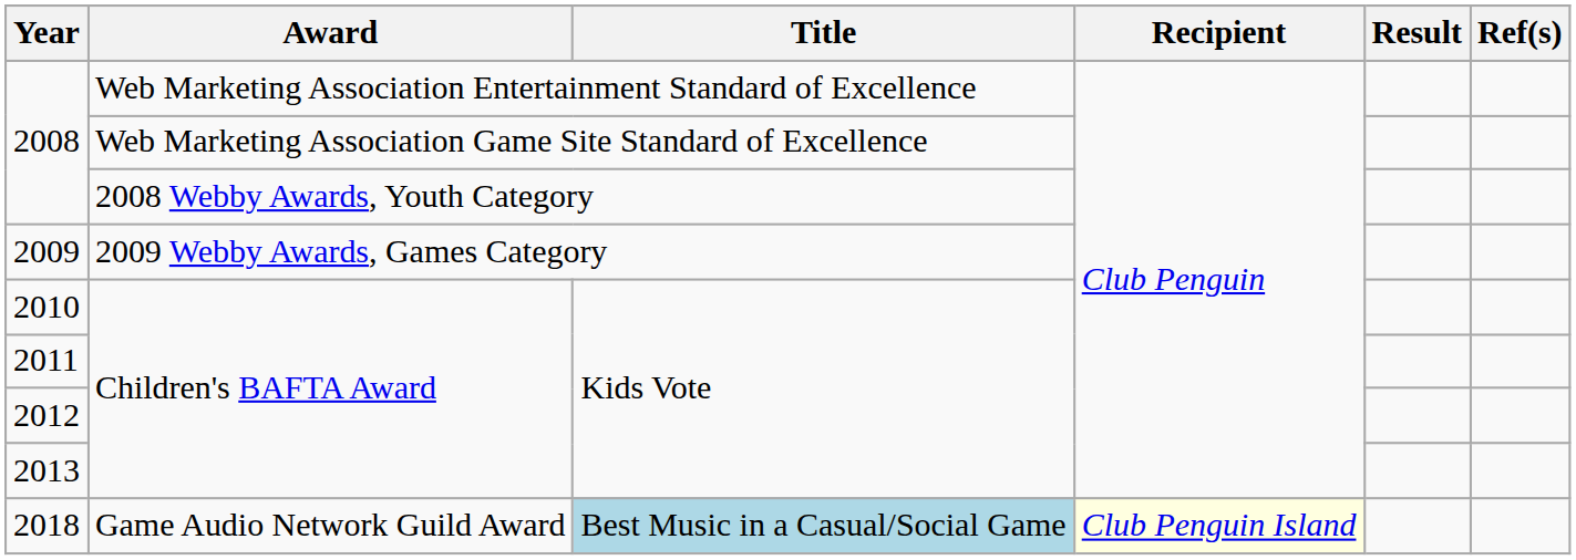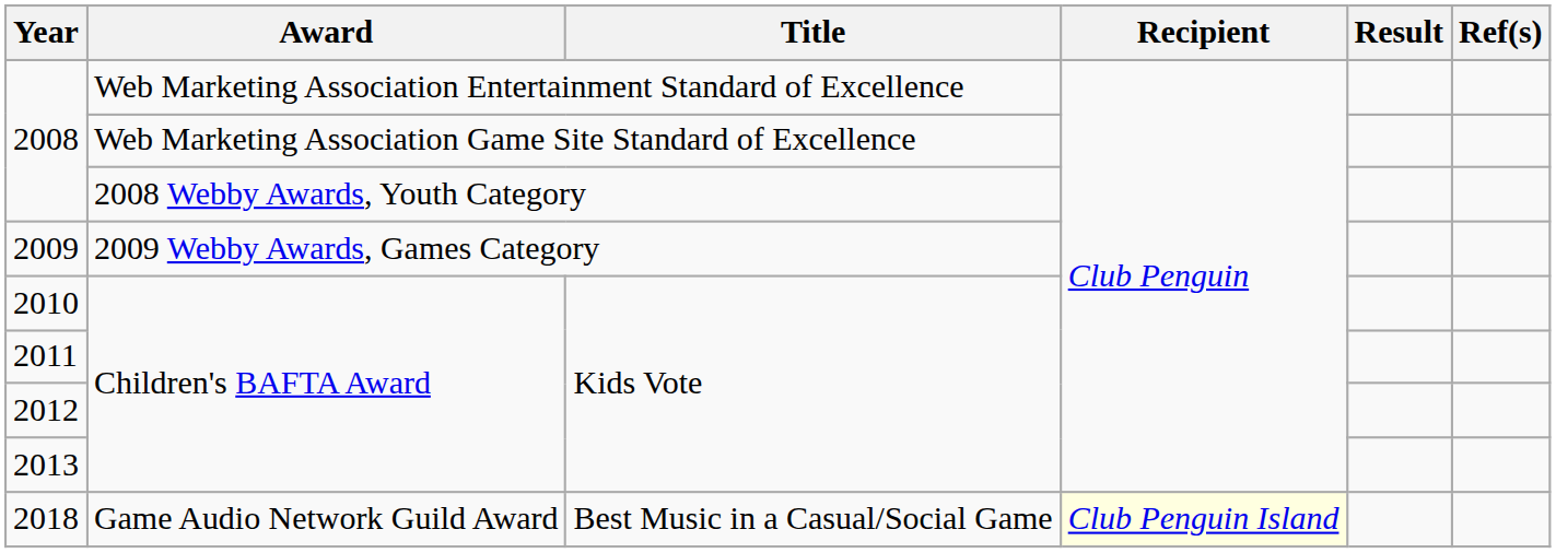 <table class="wikitable" style="font-size:90%;">
 <tr>
 <th>Year</th>
 <th>Award</th>
 <th>Title</th>
 <th>Recipient</th>
 <th>Result</th>
 <th>Ref(s)</th>
 </tr>
 <tr>
 <td rowspan="3">2008</td>
 <td colspan="2">Web Marketing Association Entertainment Standard of Excellence</td>
 <td rowspan="8"><em><a href='#'>Club Penguin</a></em></td>
 <td></td>
 <td></td>
 </tr>
 <tr>
 <td colspan="2">Web Marketing Association Game Site Standard of Excellence</td>
 <td></td>
 <td></td>
 </tr>
 <tr>
 <td colspan="2">2008 <a href='#'>Webby Awards</a>, Youth Category</td>
 <td></td>
 <td></td>
 </tr>
 <tr>
 <td>2009</td>
 <td colspan="2">2009 <a href='#'>Webby Awards</a>, Games Category</td>
 <td></td>
 <td></td>
 </tr>
 <tr>
 <td>2010</td>
 <td rowspan="4">Children's <a href='#'>BAFTA Award</a></td>
 <td rowspan="4">Kids Vote</td>
 <td></td>
 <td></td>
 </tr>
 <tr>
 <td>2011</td>
 <td></td>
 <td></td>
 </tr>
 <tr>
 <td>2012</td>
 <td></td>
 <td></td>
 </tr>
 <tr>
 <td>2013</td>
 <td></td>
 <td></td>
 </tr>
 <tr>
 <td>2018</td>
 <td>Game Audio Network Guild Award</td>
-<td style="background: lightblue;">Best Music in a Casual/Social Game</td>
+<td>Best Music in a Casual/Social Game</td>
 <td style="background: lightyellow;"><em><a href='#'>Club Penguin Island</a></em></td>
 <td></td>
 <td></td>
 </tr>
 </table>
